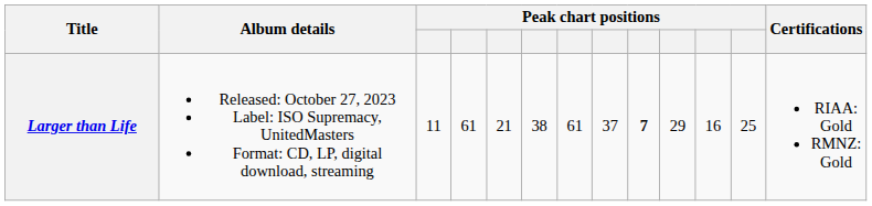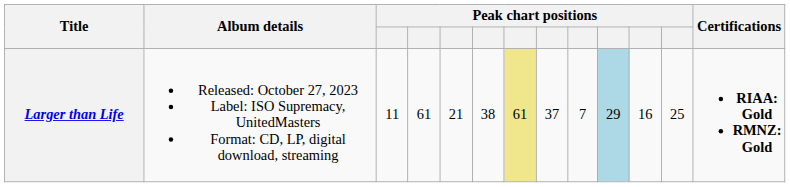 <table class="wikitable plainrowheaders" style="text-align:center;" border="1">
 <tr>
 <th scope="col" rowspan="2" style="width:13em;">Title</th>
 <th scope="col" rowspan="2" style="width:20em;">Album details</th>
 <th scope="col" colspan="10">Peak chart positions</th>
 <th scope="col" rowspan="2">Certifications</th>
 </tr>
 <tr>
 <th scope="col" style="width:2.5em;font-size:90%;"><a href='#'></a><br></th>
 <th scope="col" style="width:2.5em;font-size:90%;"><a href='#'></a><br></th>
 <th scope="col" style="width:2.5em;font-size:90%;"><a href='#'></a><br></th>
 <th scope="col" style="width:2.5em;font-size:90%;"><a href='#'></a><br></th>
 <th scope="col" style="width:2.5em;font-size:90%;"><a href='#'></a><br></th>
 <th scope="col" style="width:2.5em;font-size:90%;"><a href='#'></a><br></th>
 <th scope="col" style="width:2.5em;font-size:90%;"><a href='#'></a><br></th>
 <th scope="col" style="width:2.5em;font-size:90%;"><a href='#'></a><br></th>
 <th scope="col" style="width:2.5em;font-size:90%;"><a href='#'></a><br></th>
 <th scope="col" style="width:2.5em;font-size:90%;"><a href='#'></a><br></th>
 </tr>
 <tr>
 <th scope="row"><em><a href='#'>Larger than Life</a></em></th>
 <td><br><ul><li>Released: October 27, 2023</li><li>Label: ISO Supremacy, UnitedMasters</li><li>Format: CD, LP, digital download, streaming</li></ul></td>
 <td>11</td>
 <td>61</td>
 <td>21</td>
 <td>38</td>
-<td>61<br></td>
+<td style="background: khaki;">61<br></td>
 <td>37</td>
-<td><strong>7</strong></td>
-<td>29<br></td>
+<td>7</td>
+<td style="background: lightblue;">29<br></td>
 <td>16</td>
 <td>25</td>
-<td><br><ul><li>RIAA: Gold</li><li>RMNZ: Gold</li></ul></td>
+<td><strong><br><ul><li>RIAA: Gold</li><li>RMNZ: Gold</li></ul></strong></td>
 </tr>
 </table>
